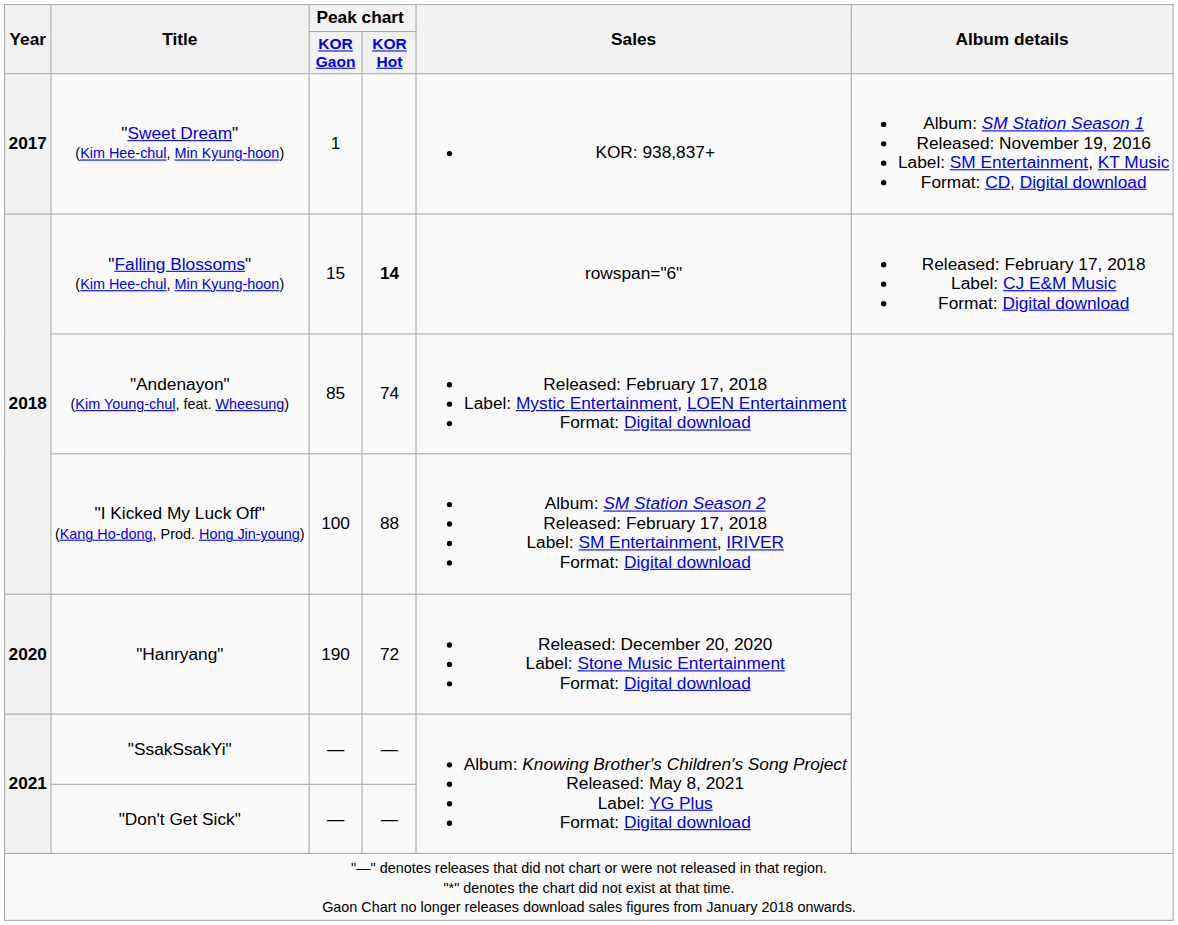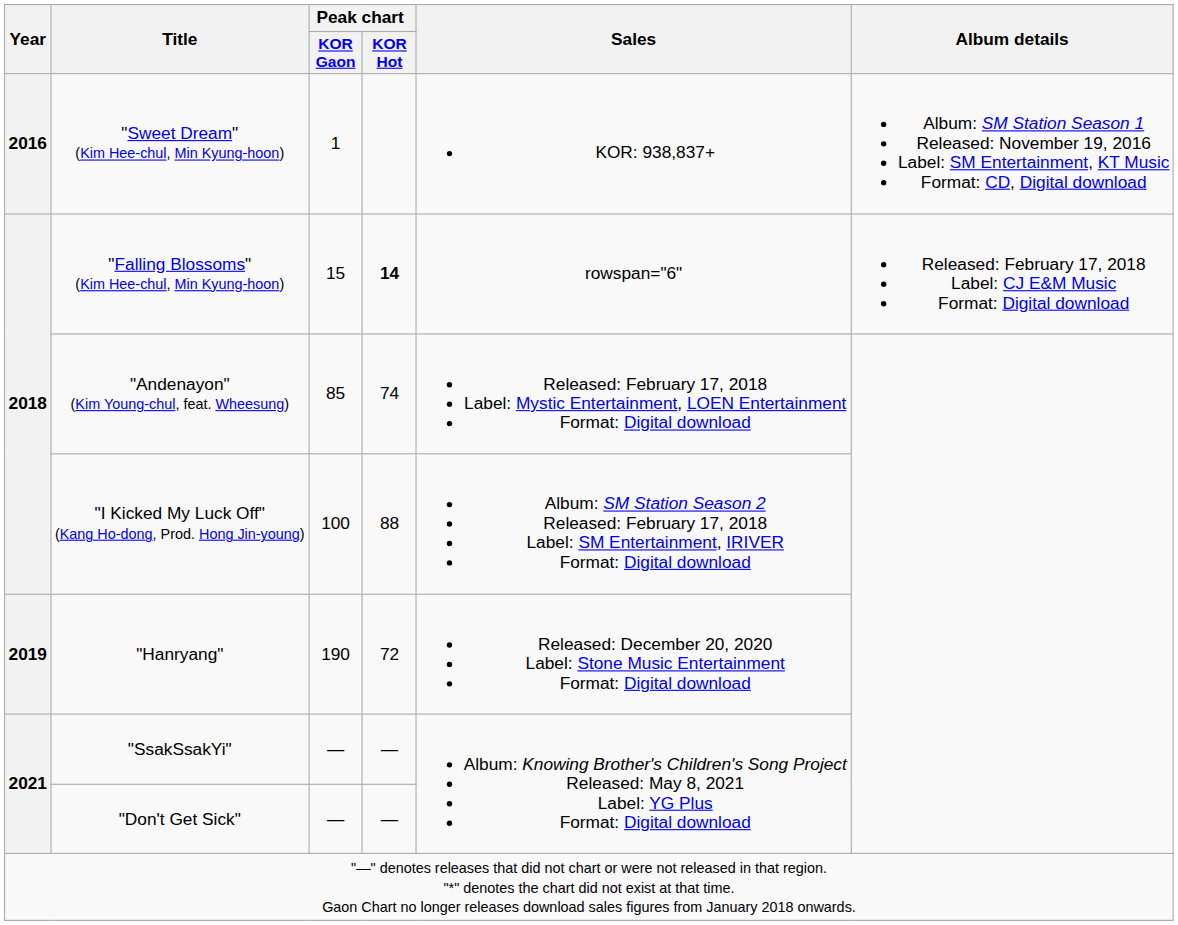 <table class="wikitable plainrowheaders" style="text-align:center">
 <tr>
 <th rowspan="2">Year</th>
 <th rowspan="2">Title</th>
 <th colspan="2">Peak chart </th>
 <th rowspan="2">Sales</th>
 <th rowspan="2">Album details</th>
 </tr>
 <tr>
 <th style="width:3em;font-size:90%;"><a href='#'>KOR<br>Gaon</a><br></th>
 <th scope="col" style="width:3em;font-size:90%;"><a href='#'>KOR Hot</a><br></th>
 </tr>
 <tr>
-<th>2017</th>
+<th>2016</th>
 <td>"<a href='#'>Sweet Dream</a>"<br><small>(<a href='#'>Kim Hee-chul</a>, <a href='#'>Min Kyung-hoon</a>)</small></td>
 <td>1</td>
 <td></td>
 <td><br><ul><li>KOR: 938,837+</li></ul></td>
 <td><br><ul><li>Album: <em><a href='#'>SM Station Season 1</a></em></li><li>Released: November 19, 2016</li><li>Label: <a href='#'>SM Entertainment</a>, <a href='#'>KT Music</a></li><li>Format: <a href='#'>CD</a>, <a href='#'>Digital download</a></li></ul></td>
 </tr>
 <tr>
 <th rowspan=3>2018</th>
 <td>"<a href='#'>Falling Blossoms</a>"<br><small>(<a href='#'>Kim Hee-chul</a>, <a href='#'>Min Kyung-hoon</a>)</small></td>
 <td>15</td>
 <td><strong>14</strong></td>
 <td>rowspan="6" </td>
 <td><br><ul><li>Released: February 17, 2018</li><li>Label: <a href='#'>CJ E&M Music</a></li><li>Format: <a href='#'>Digital download</a></li></ul></td>
 </tr>
 <tr>
 <td>"Andenayon"<br><small>(<a href='#'>Kim Young-chul</a>, feat. <a href='#'>Wheesung</a>)</small></td>
 <td>85</td>
 <td>74</td>
 <td><br><ul><li>Released: February 17, 2018</li><li>Label: <a href='#'>Mystic Entertainment</a>, <a href='#'>LOEN Entertainment</a></li><li>Format: <a href='#'>Digital download</a></li></ul></td>
 </tr>
 <tr>
 <td>"I Kicked My Luck Off"<br><small>(<a href='#'>Kang Ho-dong</a>, Prod. <a href='#'>Hong Jin-young</a>)</small></td>
 <td>100</td>
 <td>88</td>
 <td><br><ul><li>Album: <em><a href='#'>SM Station Season 2</a></em></li><li>Released: February 17, 2018</li><li>Label: <a href='#'>SM Entertainment</a>, <a href='#'>IRIVER</a></li><li>Format: <a href='#'>Digital download</a></li></ul></td>
 </tr>
 <tr>
-<th>2020</th>
+<th>2019</th>
 <td>"Hanryang"<br></td>
 <td>190</td>
 <td>72</td>
 <td><br><ul><li>Released: December 20, 2020</li><li>Label: <a href='#'>Stone Music Entertainment</a></li><li>Format: <a href='#'>Digital download</a></li></ul></td>
 </tr>
 <tr>
 <th rowspan="2">2021</th>
 <td>"SsakSsakYi"<br></td>
 <td>—</td>
 <td>—</td>
 <td rowspan="2"><br><ul><li>Album: <em>Knowing Brother's Children's Song Project</em></li><li>Released: May 8, 2021</li><li>Label: <a href='#'>YG Plus</a></li><li>Format: <a href='#'>Digital download</a></li></ul></td>
 </tr>
 <tr>
 <td>"Don't Get Sick"<br></td>
 <td>—</td>
 <td>—</td>
 </tr>
 <tr>
 <td colspan="6"><small>"—" denotes releases that did not chart or were not released in that region.<br>"*" denotes the chart did not exist at that time.<br>Gaon Chart no longer releases download sales figures from January 2018 onwards.</small></td>
 </tr>
 </table>
